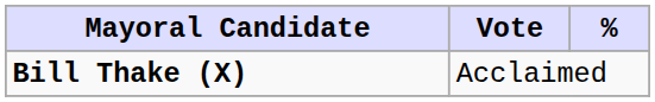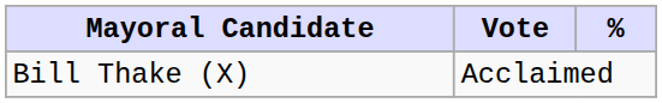 <table class="wikitable">
 <tr>
 <th style="background:#ddf; width:200px;">Mayoral Candidate </th>
 <th style="background:#ddf; width:50px;">Vote</th>
 <th style="background:#ddf; width:30px;">%</th>
 </tr>
 <tr>
-<td><strong>Bill Thake (X)</strong></td>
+<td>Bill Thake (X)</td>
 <td colspan="2">Acclaimed</td>
 </tr>
 </table>
